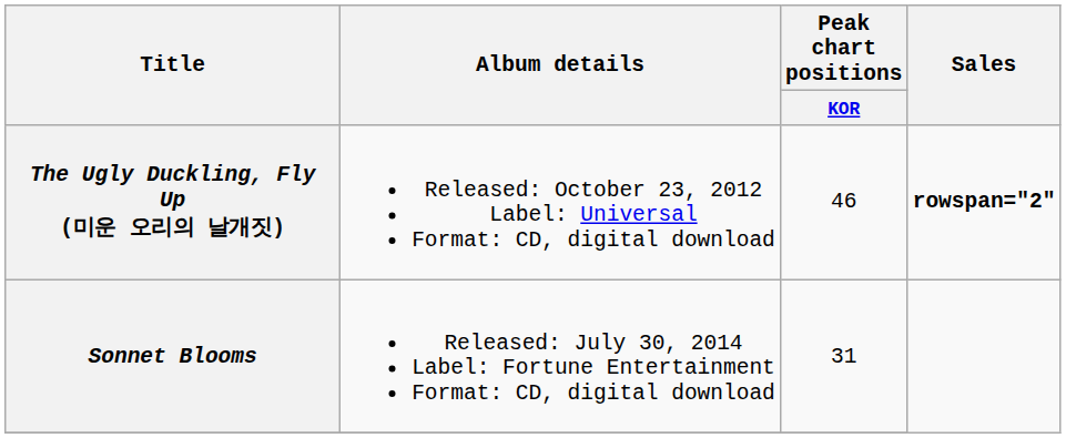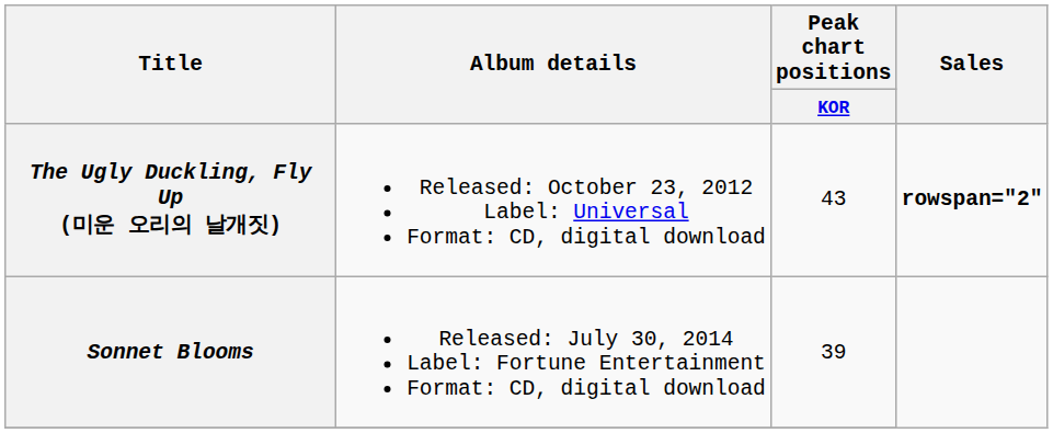 <table class="wikitable plainrowheaders" style="text-align:center;">
 <tr>
 <th scope="col" rowspan="2" style="width:15em;">Title</th>
 <th scope="col" rowspan="2">Album details</th>
 <th scope="col" colspan="1" style="width:5em;">Peak chart positions</th>
 <th scope="col" rowspan="2">Sales</th>
 </tr>
 <tr>
 <th><small><a href='#'>KOR</a></small><br></th>
 </tr>
 <tr>
 <th scope="row"><em>The Ugly Duckling, Fly Up</em><br>(미운 오리의 날개짓)</th>
 <td><br><ul><li>Released: October 23, 2012</li><li>Label: <a href='#'>Universal</a></li><li>Format: CD, digital download</li></ul></td>
-<td>46</td>
+<td>43</td>
 <td><strong>rowspan="2" </strong></td>
 </tr>
 <tr>
 <th scope="row"><em> Sonnet Blooms</em></th>
 <td><br><ul><li>Released: July 30, 2014</li><li>Label: Fortune Entertainment</li><li>Format: CD, digital download</li></ul></td>
-<td>31</td>
+<td>39</td>
 </tr>
 <tr>
 </tr>
 </table>
